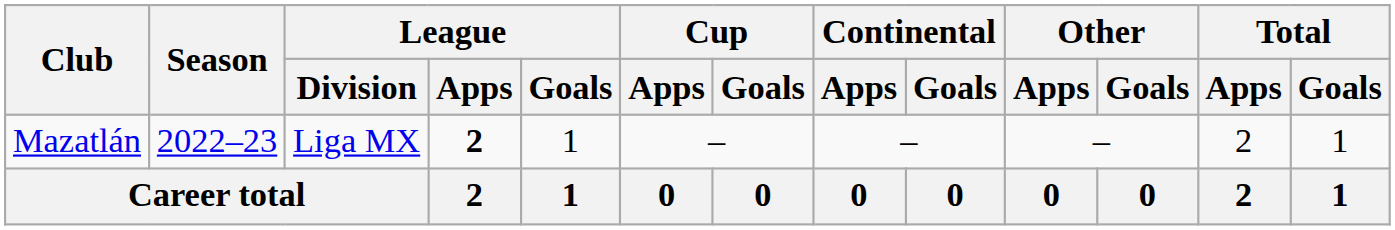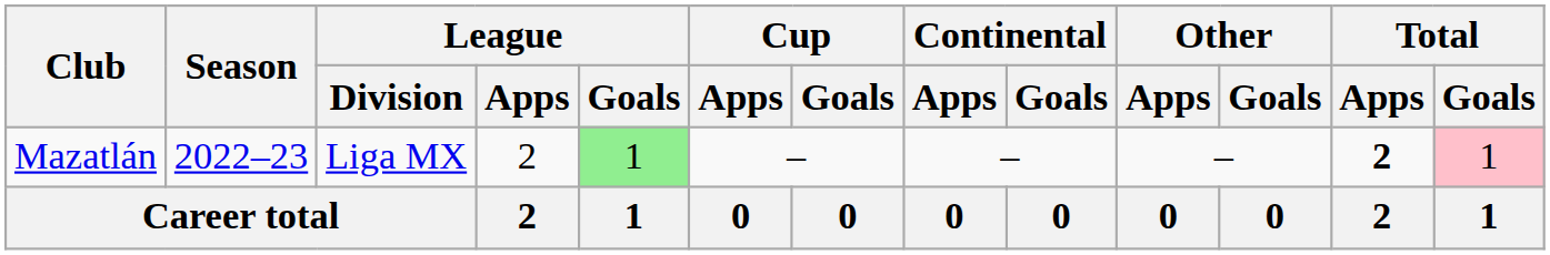 <table class="wikitable" style="text-align: center">
 <tr>
 <th rowspan="2">Club</th>
 <th rowspan="2">Season</th>
 <th colspan="3">League</th>
 <th colspan="2">Cup</th>
 <th colspan="2">Continental</th>
 <th colspan="2">Other</th>
 <th colspan="2">Total</th>
 </tr>
 <tr>
 <th>Division</th>
 <th>Apps</th>
 <th>Goals</th>
 <th>Apps</th>
 <th>Goals</th>
 <th>Apps</th>
 <th>Goals</th>
 <th>Apps</th>
 <th>Goals</th>
 <th>Apps</th>
 <th>Goals</th>
 </tr>
 <tr>
 <td><a href='#'>Mazatlán</a></td>
 <td><a href='#'>2022–23</a></td>
 <td><a href='#'>Liga MX</a></td>
-<td><strong>2</strong></td>
-<td>1</td>
+<td>2</td>
+<td style="background: lightgreen;">1</td>
 <td colspan="2">–</td>
 <td colspan="2">–</td>
 <td colspan="2">–</td>
-<td>2</td>
-<td>1</td>
+<td><strong>2</strong></td>
+<td style="background: pink;">1</td>
 </tr>
 <tr>
 <th colspan="3"><strong>Career total</strong></th>
 <th>2</th>
 <th>1</th>
 <th>0</th>
 <th>0</th>
 <th>0</th>
 <th>0</th>
 <th>0</th>
 <th>0</th>
 <th>2</th>
 <th>1</th>
 </tr>
 </table>
